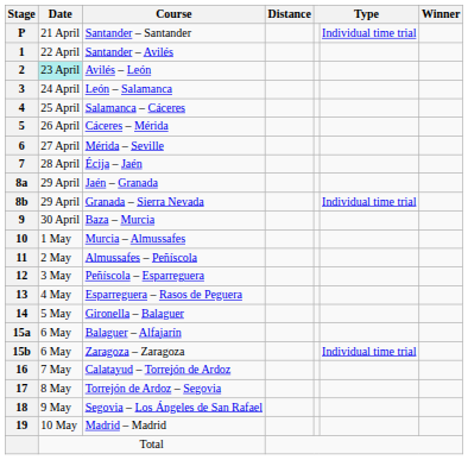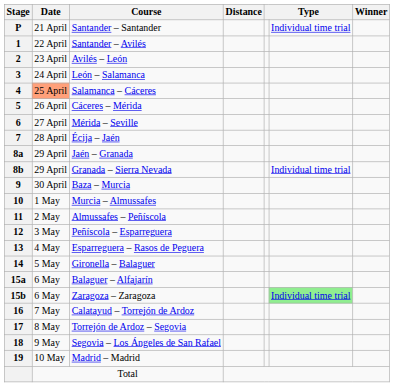 <table class="wikitable">
 <tr>
 <th scope="col">Stage</th>
 <th scope="col">Date</th>
 <th scope="col">Course</th>
 <th scope="col">Distance</th>
 <th scope="col" colspan="2">Type</th>
 <th scope="col">Winner</th>
 </tr>
 <tr>
 <th scope="row">P</th>
 <td>21 April</td>
 <td><a href='#'>Santander</a> – Santander</td>
 <td style="text-align:center;"></td>
 <td></td>
 <td><a href='#'>Individual time trial</a></td>
 <td></td>
 </tr>
 <tr>
 <th scope="row">1</th>
 <td>22 April</td>
 <td><a href='#'>Santander</a> – <a href='#'>Avilés</a></td>
 <td style="text-align:center;"></td>
 <td></td>
 <td></td>
 <td></td>
 </tr>
 <tr>
 <th scope="row">2</th>
-<td style="background: paleturquoise;">23 April</td>
+<td>23 April</td>
 <td><a href='#'>Avilés</a> – <a href='#'>León</a></td>
 <td style="text-align:center;"></td>
 <td></td>
 <td></td>
 <td></td>
 </tr>
 <tr>
 <th scope="row">3</th>
 <td>24 April</td>
 <td><a href='#'>León</a> – <a href='#'>Salamanca</a></td>
 <td style="text-align:center;"></td>
 <td></td>
 <td></td>
 <td></td>
 </tr>
 <tr>
 <th scope="row">4</th>
-<td>25 April</td>
+<td style="background: lightsalmon;">25 April</td>
 <td><a href='#'>Salamanca</a> – <a href='#'>Cáceres</a></td>
 <td style="text-align:center;"></td>
 <td></td>
 <td></td>
 <td></td>
 </tr>
 <tr>
 <th scope="row">5</th>
 <td>26 April</td>
 <td><a href='#'>Cáceres</a> – <a href='#'>Mérida</a></td>
 <td style="text-align:center;"></td>
 <td></td>
 <td></td>
 <td></td>
 </tr>
 <tr>
 <th scope="row">6</th>
 <td>27 April</td>
 <td><a href='#'>Mérida</a> – <a href='#'>Seville</a></td>
 <td style="text-align:center;"></td>
 <td></td>
 <td></td>
 <td></td>
 </tr>
 <tr>
 <th scope="row">7</th>
 <td>28 April</td>
 <td><a href='#'>Écija</a> – <a href='#'>Jaén</a></td>
 <td style="text-align:center;"></td>
 <td></td>
 <td></td>
 <td></td>
 </tr>
 <tr>
 <th scope="row">8a</th>
 <td>29 April</td>
 <td><a href='#'>Jaén</a> – <a href='#'>Granada</a></td>
 <td style="text-align:center;"></td>
 <td></td>
 <td></td>
 <td></td>
 </tr>
 <tr>
 <th scope="row">8b</th>
 <td>29 April</td>
 <td><a href='#'>Granada</a> – <a href='#'>Sierra Nevada</a></td>
 <td style="text-align:center;"></td>
 <td></td>
 <td><a href='#'>Individual time trial</a></td>
 <td></td>
 </tr>
 <tr>
 <th scope="row">9</th>
 <td>30 April</td>
 <td><a href='#'>Baza</a> – <a href='#'>Murcia</a></td>
 <td style="text-align:center;"></td>
 <td></td>
 <td></td>
 <td></td>
 </tr>
 <tr>
 <th scope="row">10</th>
 <td>1 May</td>
 <td><a href='#'>Murcia</a> – <a href='#'>Almussafes</a></td>
 <td style="text-align:center;"></td>
 <td></td>
 <td></td>
 <td></td>
 </tr>
 <tr>
 <th scope="row">11</th>
 <td>2 May</td>
 <td><a href='#'>Almussafes</a> – <a href='#'>Peñíscola</a></td>
 <td style="text-align:center;"></td>
 <td></td>
 <td></td>
 <td></td>
 </tr>
 <tr>
 <th scope="row">12</th>
 <td>3 May</td>
 <td><a href='#'>Peñíscola</a> – <a href='#'>Esparreguera</a></td>
 <td style="text-align:center;"></td>
 <td></td>
 <td></td>
 <td></td>
 </tr>
 <tr>
 <th scope="row">13</th>
 <td>4 May</td>
 <td><a href='#'>Esparreguera</a> – <a href='#'>Rasos de Peguera</a></td>
 <td style="text-align:center;"></td>
 <td></td>
 <td></td>
 <td></td>
 </tr>
 <tr>
 <th scope="row">14</th>
 <td>5 May</td>
 <td><a href='#'>Gironella</a> – <a href='#'>Balaguer</a></td>
 <td style="text-align:center;"></td>
 <td></td>
 <td></td>
 <td></td>
 </tr>
 <tr>
 <th scope="row">15a</th>
 <td>6 May</td>
 <td><a href='#'>Balaguer</a> – <a href='#'>Alfajarín</a></td>
 <td style="text-align:center;"></td>
 <td></td>
 <td></td>
 <td></td>
 </tr>
 <tr>
 <th scope="row">15b</th>
 <td>6 May</td>
 <td><a href='#'>Zaragoza</a> – Zaragoza</td>
 <td style="text-align:center;"></td>
 <td></td>
-<td><a href='#'>Individual time trial</a></td>
+<td style="background: lightgreen;"><a href='#'>Individual time trial</a></td>
 <td></td>
 </tr>
 <tr>
 <th scope="row">16</th>
 <td>7 May</td>
 <td><a href='#'>Calatayud</a> – <a href='#'>Torrejón de Ardoz</a></td>
 <td style="text-align:center;"></td>
 <td></td>
 <td></td>
 <td></td>
 </tr>
 <tr>
 <th scope="row">17</th>
 <td>8 May</td>
 <td><a href='#'>Torrejón de Ardoz</a> – <a href='#'>Segovia</a></td>
 <td style="text-align:center;"></td>
 <td></td>
 <td></td>
 <td></td>
 </tr>
 <tr>
 <th scope="row">18</th>
 <td>9 May</td>
 <td><a href='#'>Segovia</a> – <a href='#'>Los Ángeles de San Rafael</a></td>
 <td style="text-align:center;"></td>
 <td></td>
 <td></td>
 <td></td>
 </tr>
 <tr>
 <th scope="row">19</th>
 <td>10 May</td>
 <td><a href='#'>Madrid</a> – Madrid</td>
 <td style="text-align:center;"></td>
 <td></td>
 <td></td>
 <td></td>
 </tr>
 <tr>
 <th scope="row"></th>
 <td colspan="2" style="text-align:center">Total</td>
 <td colspan="4" style="text-align:center"></td>
 </tr>
 </table>
